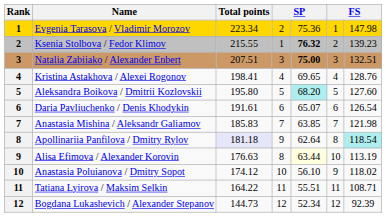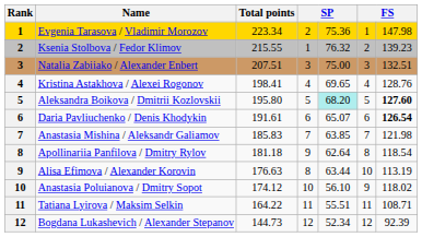 <table class="wikitable sortable">
 <tr>
 <th>Rank</th>
 <th>Name</th>
 <th>Total points</th>
 <th colspan="2" width="80px"><a href='#'>SP</a></th>
 <th colspan="2" width="80px"><a href='#'>FS</a></th>
 </tr>
 <tr bgcolor="gold">
 <td align="center"><strong>1</strong></td>
 <td><a href='#'>Evgenia Tarasova</a> / <a href='#'>Vladimir Morozov</a></td>
 <td align="center">223.34</td>
 <td align="center">2</td>
 <td align="center">75.36</td>
 <td align="center">1</td>
 <td align="center">147.98</td>
 </tr>
 <tr bgcolor="silver">
 <td align="center"><strong>2</strong></td>
 <td><a href='#'>Ksenia Stolbova</a> / <a href='#'>Fedor Klimov</a></td>
 <td align="center">215.55</td>
 <td align="center">1</td>
-<td align="center"><strong>76.32</strong></td>
+<td align="center">76.32</td>
 <td align="center">2</td>
 <td align="center">139.23</td>
 </tr>
 <tr bgcolor="cc9966">
 <td align="center"><strong>3</strong></td>
 <td><a href='#'>Natalia Zabiiako</a> / <a href='#'>Alexander Enbert</a></td>
 <td align="center">207.51</td>
 <td align="center">3</td>
-<td align="center"><strong>75.00</strong></td>
+<td align="center">75.00</td>
 <td align="center">3</td>
 <td align="center">132.51</td>
 </tr>
 <tr>
 <th>4</th>
 <td><a href='#'>Kristina Astakhova</a> / <a href='#'>Alexei Rogonov</a></td>
 <td align="center">198.41</td>
 <td align="center">4</td>
 <td align="center">69.65</td>
 <td align="center">4</td>
 <td align="center">128.76</td>
 </tr>
 <tr>
 <th>5</th>
 <td><a href='#'>Aleksandra Boikova</a> / <a href='#'>Dmitrii Kozlovskii</a></td>
 <td align="center">195.80</td>
 <td align="center">5</td>
 <td align="center" style="background: paleturquoise;">68.20</td>
 <td align="center">5</td>
-<td align="center">127.60</td>
+<td align="center"><strong>127.60</strong></td>
 </tr>
 <tr>
 <th>6</th>
 <td><a href='#'>Daria Pavliuchenko</a> / <a href='#'>Denis Khodykin</a></td>
 <td align="center">191.61</td>
 <td align="center">6</td>
 <td align="center">65.07</td>
 <td align="center">6</td>
-<td align="center">126.54</td>
+<td align="center"><strong>126.54</strong></td>
 </tr>
 <tr>
 <th>7</th>
 <td><a href='#'>Anastasia Mishina</a> / <a href='#'>Aleksandr Galiamov</a></td>
 <td align="center">185.83</td>
 <td align="center">7</td>
 <td align="center">63.85</td>
 <td align="center">7</td>
 <td align="center">121.98</td>
 </tr>
 <tr>
 <th>8</th>
 <td><a href='#'>Apollinariia Panfilova</a> / <a href='#'>Dmitry Rylov</a></td>
-<td align="center" style="background: lavender;">181.18</td>
+<td align="center">181.18</td>
 <td align="center">9</td>
 <td align="center">62.64</td>
 <td align="center">8</td>
-<td align="center" style="background: paleturquoise;">118.54</td>
+<td align="center">118.54</td>
 </tr>
 <tr>
 <th>9</th>
 <td><a href='#'>Alisa Efimova</a> / <a href='#'>Alexander Korovin</a></td>
 <td align="center">176.63</td>
 <td align="center">8</td>
-<td align="center" style="background: lightyellow;">63.44</td>
+<td align="center">63.44</td>
 <td align="center">10</td>
 <td align="center">113.19</td>
 </tr>
 <tr>
 <th>10</th>
 <td><a href='#'>Anastasia Poluianova</a> / <a href='#'>Dmitry Sopot</a></td>
 <td align="center">174.12</td>
 <td align="center">10</td>
 <td align="center">56.10</td>
 <td align="center">9</td>
 <td align="center">118.02</td>
 </tr>
 <tr>
 <th>11</th>
 <td><a href='#'>Tatiana Lyirova</a> / <a href='#'>Maksim Selkin</a></td>
 <td align="center">164.22</td>
 <td align="center">11</td>
 <td align="center">55.51</td>
 <td align="center">11</td>
 <td align="center">108.71</td>
 </tr>
 <tr>
 <th>12</th>
 <td><a href='#'>Bogdana Lukashevich</a> / <a href='#'>Alexander Stepanov</a></td>
 <td align="center">144.73</td>
 <td align="center">12</td>
 <td align="center">52.34</td>
 <td align="center">12</td>
 <td align="center">92.39</td>
 </tr>
 </table>
